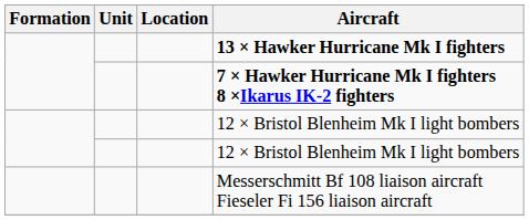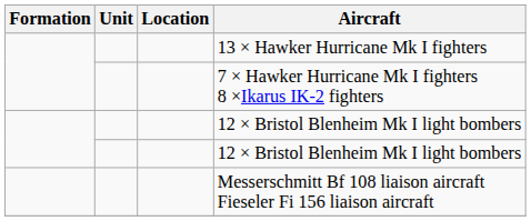 <table class="wikitable">
 <tr>
 <th scope="col">Formation</th>
 <th scope="col">Unit</th>
 <th scope="col">Location</th>
 <th scope="col">Aircraft</th>
 </tr>
 <tr>
 <td rowspan=2></td>
 <td></td>
 <td></td>
-<td><strong>13 × Hawker Hurricane Mk I fighters</strong></td>
+<td>13 × Hawker Hurricane Mk I fighters</td>
 </tr>
 <tr>
 <td></td>
 <td></td>
-<td><strong>7 × Hawker Hurricane Mk I fighters<br>8 ×<a href='#'>Ikarus IK-2</a> fighters</strong></td>
+<td>7 × Hawker Hurricane Mk I fighters<br>8 ×<a href='#'>Ikarus IK-2</a> fighters</td>
 </tr>
 <tr>
 <td rowspan=2></td>
 <td></td>
 <td></td>
 <td>12 × Bristol Blenheim Mk I light bombers</td>
 </tr>
 <tr>
 <td></td>
 <td></td>
 <td>12 × Bristol Blenheim Mk I light bombers</td>
 </tr>
 <tr>
 <td rowspan=1></td>
 <td></td>
 <td></td>
 <td>Messerschmitt Bf 108 liaison aircraft<br>Fieseler Fi 156 liaison aircraft</td>
 </tr>
 <tr>
 </tr>
 </table>
